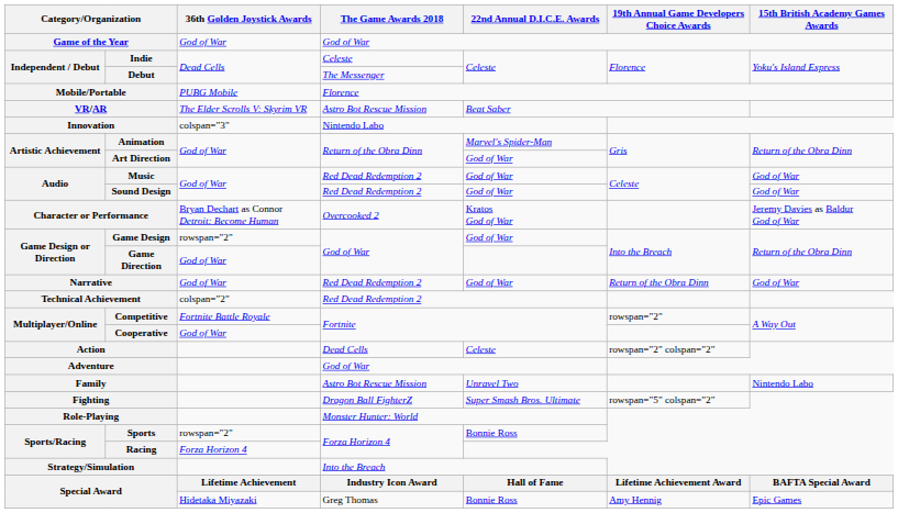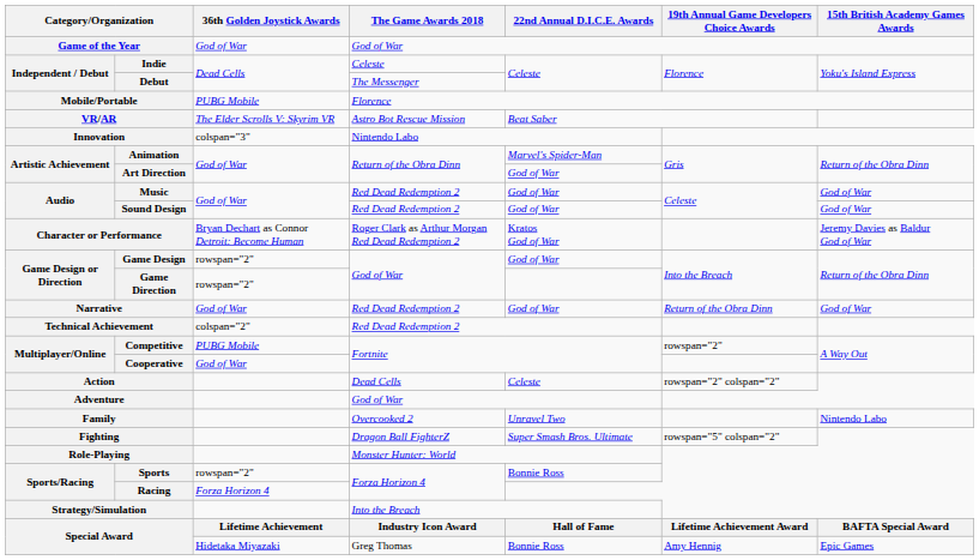 <table class="wikitable" style="border:none; margin:0; width:100%; font-size: 90%;">
 <tr>
 <th colspan="2" style="width:16%;">Category/Organization</th>
 <th style="width:14%;">36th <a href='#'>Golden Joystick Awards</a><br></th>
 <th style="width:14%;"><a href='#'>The Game Awards 2018</a><br></th>
 <th style="width:14%;"><a href='#'>22nd Annual D.I.C.E. Awards</a><br></th>
 <th style="width:14%;"><a href='#'>19th Annual Game Developers Choice Awards</a><br></th>
 <th style="width:14%;"><a href='#'>15th British Academy Games Awards</a><br></th>
 </tr>
 <tr>
 <th scope="row" colspan="2"><a href='#'>Game of the Year</a></th>
 <td><em><a href='#'>God of War</a></em></td>
 <td colspan="4"><em><a href='#'>God of War</a></em></td>
 </tr>
 <tr>
 <th scope="row"  rowspan="2" style="width:9%;">Independent / Debut</th>
 <th>Indie</th>
 <td rowspan="2"><em><a href='#'>Dead Cells</a></em></td>
 <td><em><a href='#'>Celeste</a></em></td>
 <td rowspan="2"><em><a href='#'>Celeste</a></em></td>
 <td rowspan="2"><em><a href='#'>Florence</a></em></td>
 <td rowspan="2"><em><a href='#'>Yoku's Island Express</a></em></td>
 </tr>
 <tr>
 <th scope="row">Debut</th>
 <td><em><a href='#'>The Messenger</a></em></td>
 </tr>
 <tr>
 <th scope="row" colspan="2">Mobile/Portable</th>
 <td><em><a href='#'>PUBG Mobile</a></em></td>
 <td colspan="4"><em><a href='#'>Florence</a></em></td>
 </tr>
 <tr>
 <th scope="row" colspan="2"><a href='#'>VR</a>/<a href='#'>AR</a></th>
 <td><em><a href='#'>The Elder Scrolls V: Skyrim VR</a></em></td>
 <td><em><a href='#'>Astro Bot Rescue Mission</a></em></td>
 <td colspan="2"><em><a href='#'>Beat Saber</a></em></td>
 <td></td>
 </tr>
 <tr>
 <th scope="row" colspan="2" style="width:9%;">Innovation</th>
 <td>colspan="3" </td>
 <td colspan="2"><a href='#'>Nintendo Labo</a></td>
 </tr>
 <tr>
 <th scope="row" rowspan="2" style="width:9%;">Artistic Achievement</th>
 <th>Animation</th>
 <td rowspan="2"><em><a href='#'>God of War</a></em></td>
 <td rowspan="2"><em><a href='#'>Return of the Obra Dinn</a></em></td>
 <td><em><a href='#'>Marvel's Spider-Man</a></em></td>
 <td rowspan="2"><em><a href='#'>Gris</a></em></td>
 <td rowspan="2"><em><a href='#'>Return of the Obra Dinn</a></em></td>
 </tr>
 <tr>
 <th scope="row">Art Direction</th>
 <td><em><a href='#'>God of War</a></em></td>
 </tr>
 <tr>
 <th scope="row" rowspan="2" style="width:9%;">Audio</th>
 <th>Music</th>
 <td rowspan="2"><em><a href='#'>God of War</a></em></td>
 <td><em><a href='#'>Red Dead Redemption 2</a></em></td>
 <td><em><a href='#'>God of War</a></em></td>
 <td rowspan="2"><em><a href='#'>Celeste</a></em></td>
 <td><em><a href='#'>God of War</a></em></td>
 </tr>
 <tr>
 <th scope="row">Sound Design</th>
 <td><em><a href='#'>Red Dead Redemption 2</a></em></td>
 <td><em><a href='#'>God of War</a></em></td>
 <td><em><a href='#'>God of War</a></em></td>
 </tr>
 <tr>
 <th scope="row" colspan="2">Character or Performance</th>
 <td><a href='#'>Bryan Dechart</a> as Connor<br><em><a href='#'>Detroit: Become Human</a></em></td>
-<td><em><a href='#'>Overcooked 2</a></em></td>
+<td><a href='#'>Roger Clark</a> as <a href='#'>Arthur Morgan</a><br><em><a href='#'>Red Dead Redemption 2</a></em></td>
 <td><a href='#'>Kratos</a><br><em><a href='#'>God of War</a></em></td>
 <td></td>
 <td><a href='#'>Jeremy Davies</a> as <a href='#'>Baldur</a><br><em><a href='#'>God of War</a></em></td>
 </tr>
 <tr>
 <th scope="row" rowspan="2" style="width:9%;">Game Design or Direction</th>
 <th>Game Design</th>
 <td>rowspan="2" </td>
 <td rowspan="2"><em><a href='#'>God of War</a></em></td>
 <td><em><a href='#'>God of War</a></em></td>
 <td rowspan="2"><em><a href='#'>Into the Breach</a></em></td>
 <td rowspan="2"><em><a href='#'>Return of the Obra Dinn</a></em></td>
 </tr>
 <tr>
 <th scope="row">Game Direction</th>
-<td><em><a href='#'>God of War</a></em></td>
+<td>rowspan="2" </td>
 </tr>
 <tr>
 <th scope="row" colspan="2">Narrative</th>
 <td><em><a href='#'>God of War</a></em></td>
 <td><em><a href='#'>Red Dead Redemption 2</a></em></td>
 <td><em><a href='#'>God of War</a></em></td>
 <td><em><a href='#'>Return of the Obra Dinn</a></em></td>
 <td><em><a href='#'>God of War</a></em></td>
 </tr>
 <tr>
 <th scope="row" colspan="2">Technical Achievement</th>
 <td>colspan="2" </td>
 <td colspan="2"><em><a href='#'>Red Dead Redemption 2</a></em></td>
 <td></td>
 </tr>
 <tr>
 <th scope="row" rowspan="2" style="width:9%;">Multiplayer/Online</th>
 <th>Competitive</th>
-<td><em><a href='#'>Fortnite Battle Royale</a></em></td>
+<td><em><a href='#'>PUBG Mobile</a></em></td>
 <td rowspan="2" colspan="2"><em><a href='#'>Fortnite</a></em></td>
 <td>rowspan="2" </td>
 <td rowspan="2"><em><a href='#'>A Way Out</a></em></td>
 </tr>
 <tr>
 <th scope="row">Cooperative</th>
 <td><em><a href='#'>God of War</a></em></td>
 </tr>
 <tr>
 <th scope="row" colspan="2">Action</th>
 <td></td>
 <td><em><a href='#'>Dead Cells</a></em></td>
 <td><em><a href='#'>Celeste</a></em></td>
 <td>rowspan="2" colspan="2" </td>
 </tr>
 <tr>
 <th scope="row" colspan="2">Adventure</th>
 <td></td>
 <td colspan="2"><em><a href='#'>God of War</a></em></td>
 </tr>
 <tr>
 <th scope="row" colspan="2">Family</th>
 <td></td>
-<td><em><a href='#'>Astro Bot Rescue Mission</a></em></td>
+<td><em><a href='#'>Overcooked 2</a></em></td>
 <td><em><a href='#'>Unravel Two</a></em></td>
 <td></td>
 <td><a href='#'>Nintendo Labo</a></td>
 </tr>
 <tr>
 <th scope="row" colspan="2">Fighting</th>
 <td></td>
 <td><em><a href='#'>Dragon Ball FighterZ</a></em></td>
 <td><em><a href='#'>Super Smash Bros. Ultimate</a></em></td>
 <td>rowspan="5" colspan="2" </td>
 </tr>
 <tr>
 <th scope="row" colspan="2">Role-Playing</th>
 <td></td>
 <td colspan="2"><em><a href='#'>Monster Hunter: World</a></em></td>
 </tr>
 <tr>
 <th scope="row" rowspan="2">Sports/Racing</th>
 <th>Sports</th>
 <td>rowspan="2" </td>
 <td rowspan="2"><em><a href='#'>Forza Horizon 4</a></em></td>
 <td><a href='#'>Bonnie Ross</a></td>
 </tr>
 <tr>
 <th>Racing</th>
 <td><em><a href='#'>Forza Horizon 4</a></em></td>
 </tr>
 <tr>
 <th scope="row" colspan="2">Strategy/Simulation</th>
 <td></td>
 <td colspan="2"><em><a href='#'>Into the Breach</a></em></td>
 </tr>
 <tr>
 <th scope="row" rowspan="2" colspan="2">Special Award</th>
 <th>Lifetime Achievement</th>
 <th>Industry Icon Award</th>
 <th>Hall of Fame</th>
 <th>Lifetime Achievement Award</th>
 <th>BAFTA Special Award</th>
 </tr>
 <tr>
 <td><a href='#'>Hidetaka Miyazaki</a></td>
 <td>Greg Thomas</td>
 <td><a href='#'>Bonnie Ross</a></td>
 <td><a href='#'>Amy Hennig</a></td>
 <td><a href='#'>Epic Games</a></td>
 </tr>
 </table>
